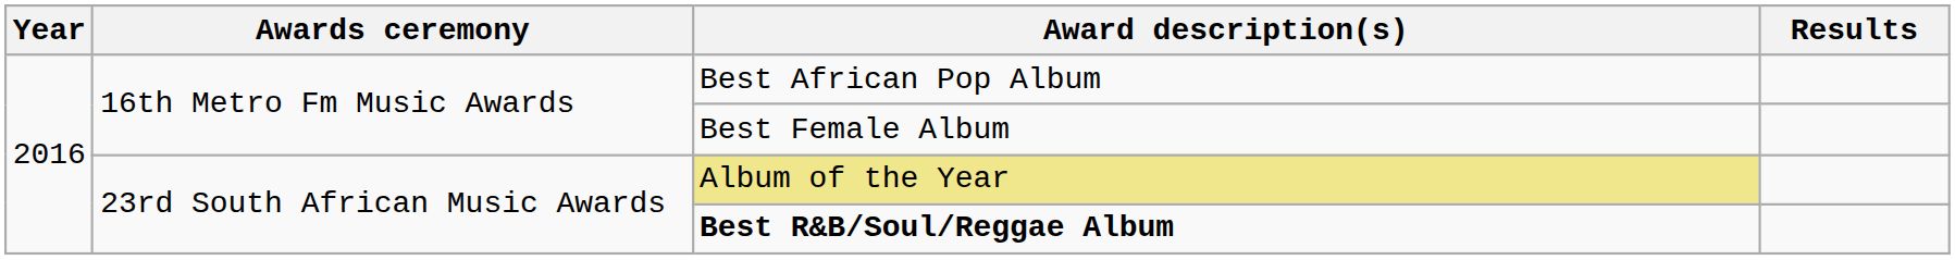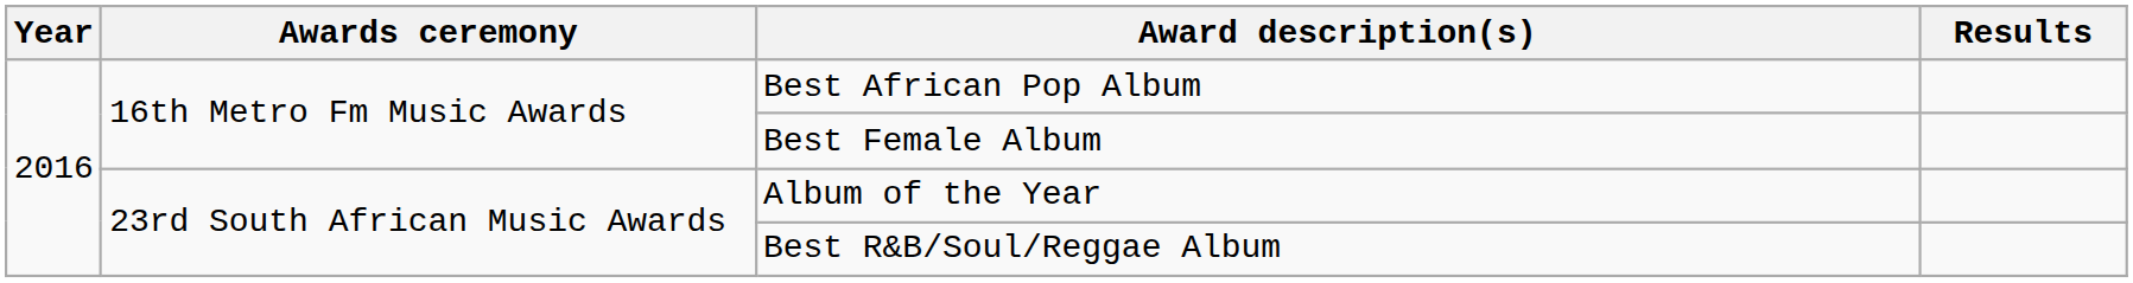 <table class="wikitable">
 <tr>
 <th>Year</th>
 <th style="width:250px;">Awards ceremony</th>
 <th style="width:450px;">Award description(s)</th>
 <th style="width:75px;">Results</th>
 </tr>
 <tr>
 <td rowspan="4">2016</td>
 <td rowspan="2">16th Metro Fm Music Awards</td>
 <td>Best African Pop Album</td>
 <td></td>
 </tr>
 <tr>
 <td>Best Female Album</td>
 <td></td>
 </tr>
 <tr>
 <td rowspan="2">23rd South African Music Awards</td>
-<td style="background: khaki;">Album of the Year</td>
+<td>Album of the Year</td>
 <td></td>
 </tr>
 <tr>
-<td><strong>Best R&B/Soul/Reggae Album</strong></td>
+<td>Best R&B/Soul/Reggae Album</td>
 <td></td>
 </tr>
 </table>
